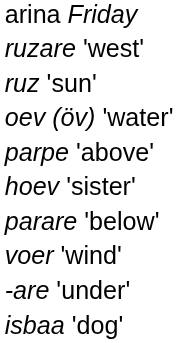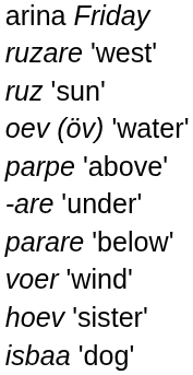 <table>
 <tr>
 <td>arina <em>Friday</em></td>
 </tr>
 <tr>
 <td><em>ruzare</em> 'west'</td>
 </tr>
 <tr>
 <td><em>ruz</em> 'sun'</td>
 </tr>
 <tr>
 <td><em>oev (öv)</em> 'water'</td>
 </tr>
 <tr>
 <td><em>parpe</em> 'above'</td>
 </tr>
 <tr>
-<td><em>hoev</em> 'sister'</td>
+<td><em>-are</em> 'under'</td>
 </tr>
 <tr>
 <td><em>parare</em> 'below'</td>
 </tr>
 <tr>
 <td><em>voer</em> 'wind'</td>
 </tr>
 <tr>
-<td><em>-are</em> 'under'</td>
+<td><em>hoev</em> 'sister'</td>
 </tr>
 <tr>
 <td><em>isbaa</em> 'dog'</td>
 </tr>
 </table>
